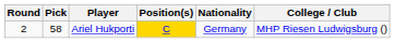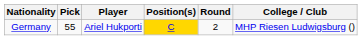 <table class="wikitable sortable sortable">
 <tr>
-<th>Round</th>
+<th>Nationality</th>
 <th>Pick</th>
 <th>Player</th>
 <th>Position(s)</th>
-<th>Nationality</th>
+<th>Round</th>
 <th>College / Club</th>
 </tr>
 <tr style="text-align:center">
-<td>2</td>
-<td>58</td>
+<td> <a href='#'>Germany</a></td>
+<td>55</td>
 <td><a href='#'>Ariel Hukporti</a></td>
 <td style="background: gold;"><a href='#'>C</a></td>
-<td> <a href='#'>Germany</a></td>
+<td>2</td>
 <td><a href='#'>MHP Riesen Ludwigsburg</a> ()</td>
 </tr>
 </table>
